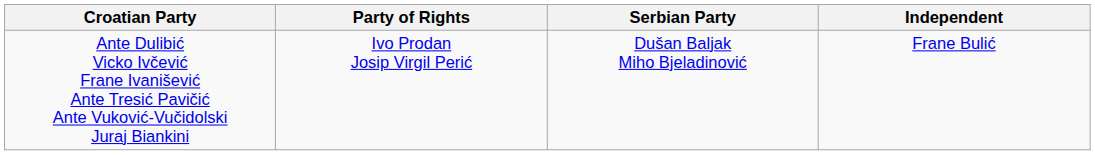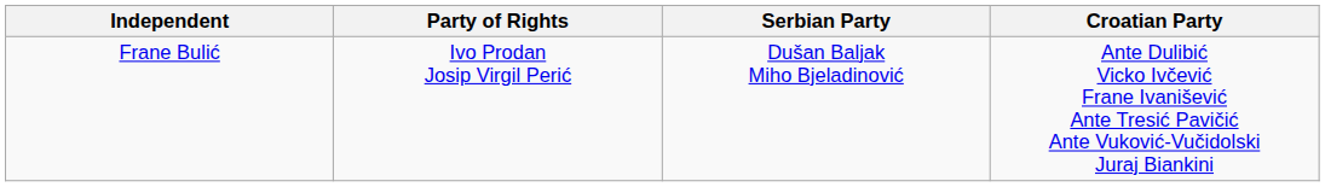 <table class="wikitable" style="text-align:center;">
 <tr>
-<th>Croatian Party</th>
+<th>Independent</th>
 <th>Party of Rights</th>
 <th>Serbian Party</th>
-<th>Independent</th>
+<th>Croatian Party</th>
 </tr>
 <tr style="vertical-align:top;">
-<td style="width:16em; "><a href='#'>Ante Dulibić</a><br><a href='#'>Vicko Ivčević</a><br><a href='#'>Frane Ivanišević</a><br><a href='#'>Ante Tresić Pavičić</a><br><a href='#'>Ante Vuković-Vučidolski</a><br><a href='#'>Juraj Biankini</a></td>
+<td style="width:16em; "><a href='#'>Frane Bulić</a></td>
 <td style="width:16em; "><a href='#'>Ivo Prodan</a><br><a href='#'>Josip Virgil Perić</a></td>
 <td style="width:16em; "><a href='#'>Dušan Baljak</a><br><a href='#'>Miho Bjeladinović</a></td>
-<td style="width:16em; "><a href='#'>Frane Bulić</a></td>
+<td style="width:16em; "><a href='#'>Ante Dulibić</a><br><a href='#'>Vicko Ivčević</a><br><a href='#'>Frane Ivanišević</a><br><a href='#'>Ante Tresić Pavičić</a><br><a href='#'>Ante Vuković-Vučidolski</a><br><a href='#'>Juraj Biankini</a></td>
 </tr>
 </table>
